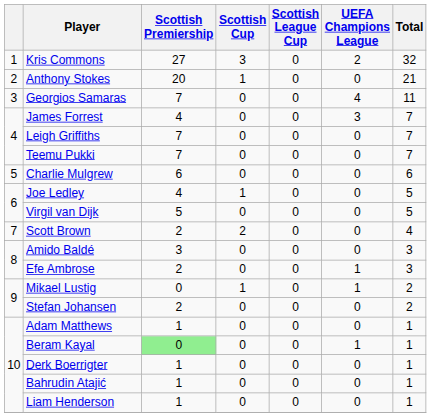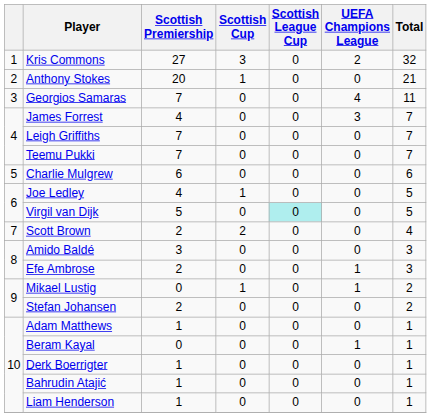 <table class="wikitable">
 <tr>
 <th></th>
 <th width="150">Player</th>
 <th><a href='#'>Scottish<br>Premiership</a><br></th>
 <th><a href='#'>Scottish<br>Cup</a></th>
 <th><a href='#'>Scottish<br>League<br>Cup</a></th>
 <th><a href='#'>UEFA<br>Champions<br>League</a></th>
 <th>Total</th>
 </tr>
 <tr>
 <td align=center rowspan=1>1</td>
 <td> <a href='#'>Kris Commons</a></td>
 <td align=center>27</td>
 <td align=center>3</td>
 <td align=center>0</td>
 <td align=center>2</td>
 <td align=center>32</td>
 </tr>
 <tr>
 <td align=center rowspan=1>2</td>
 <td> <a href='#'>Anthony Stokes</a></td>
 <td align=center>20</td>
 <td align=center>1</td>
 <td align=center>0</td>
 <td align=center>0</td>
 <td align=center>21</td>
 </tr>
 <tr>
 <td align=center rowspan=1>3</td>
 <td> <a href='#'>Georgios Samaras</a></td>
 <td align=center>7</td>
 <td align=center>0</td>
 <td align=center>0</td>
 <td align=center>4</td>
 <td align=center>11</td>
 </tr>
 <tr>
 <td align=center rowspan=3>4</td>
 <td> <a href='#'>James Forrest</a></td>
 <td align=center>4</td>
 <td align=center>0</td>
 <td align=center>0</td>
 <td align=center>3</td>
 <td align=center>7</td>
 </tr>
 <tr>
 <td> <a href='#'>Leigh Griffiths</a></td>
 <td align=center>7</td>
 <td align=center>0</td>
 <td align=center>0</td>
 <td align=center>0</td>
 <td align=center>7</td>
 </tr>
 <tr>
 <td> <a href='#'>Teemu Pukki</a></td>
 <td align=center>7</td>
 <td align=center>0</td>
 <td align=center>0</td>
 <td align=center>0</td>
 <td align=center>7</td>
 </tr>
 <tr>
 <td align=center rowspan=1>5</td>
 <td> <a href='#'>Charlie Mulgrew</a></td>
 <td align=center>6</td>
 <td align=center>0</td>
 <td align=center>0</td>
 <td align=center>0</td>
 <td align=center>6</td>
 </tr>
 <tr>
 <td align=center rowspan=2>6</td>
 <td> <a href='#'>Joe Ledley</a></td>
 <td align=center>4</td>
 <td align=center>1</td>
 <td align=center>0</td>
 <td align=center>0</td>
 <td align=center>5</td>
 </tr>
 <tr>
 <td> <a href='#'>Virgil van Dijk</a></td>
 <td align=center>5</td>
 <td align=center>0</td>
-<td align=center>0</td>
+<td align=center style="background: paleturquoise;">0</td>
 <td align=center>0</td>
 <td align=center>5</td>
 </tr>
 <tr>
 <td align=center rowspan=1>7</td>
 <td> <a href='#'>Scott Brown</a></td>
 <td align=center>2</td>
 <td align=center>2</td>
 <td align=center>0</td>
 <td align=center>0</td>
 <td align=center>4</td>
 </tr>
 <tr>
 <td align=center rowspan=2>8</td>
 <td> <a href='#'>Amido Baldé</a></td>
 <td align=center>3</td>
 <td align=center>0</td>
 <td align=center>0</td>
 <td align=center>0</td>
 <td align=center>3</td>
 </tr>
 <tr>
 <td> <a href='#'>Efe Ambrose</a></td>
 <td align=center>2</td>
 <td align=center>0</td>
 <td align=center>0</td>
 <td align=center>1</td>
 <td align=center>3</td>
 </tr>
 <tr>
 <td align=center rowspan=2>9</td>
 <td> <a href='#'>Mikael Lustig</a></td>
 <td align=center>0</td>
 <td align=center>1</td>
 <td align=center>0</td>
 <td align=center>1</td>
 <td align=center>2</td>
 </tr>
 <tr>
 <td> <a href='#'>Stefan Johansen</a></td>
 <td align=center>2</td>
 <td align=center>0</td>
 <td align=center>0</td>
 <td align=center>0</td>
 <td align=center>2</td>
 </tr>
 <tr>
 <td align=center rowspan=5>10</td>
 <td> <a href='#'>Adam Matthews</a></td>
 <td align=center>1</td>
 <td align=center>0</td>
 <td align=center>0</td>
 <td align=center>0</td>
 <td align=center>1</td>
 </tr>
 <tr>
 <td> <a href='#'>Beram Kayal</a></td>
-<td align=center style="background: lightgreen;">0</td>
+<td align=center>0</td>
 <td align=center>0</td>
 <td align=center>0</td>
 <td align=center>1</td>
 <td align=center>1</td>
 </tr>
 <tr>
 <td> <a href='#'>Derk Boerrigter</a></td>
 <td align=center>1</td>
 <td align=center>0</td>
 <td align=center>0</td>
 <td align=center>0</td>
 <td align=center>1</td>
 </tr>
 <tr>
 <td> <a href='#'>Bahrudin Atajić</a></td>
 <td align=center>1</td>
 <td align=center>0</td>
 <td align=center>0</td>
 <td align=center>0</td>
 <td align=center>1</td>
 </tr>
 <tr>
 <td> <a href='#'>Liam Henderson</a></td>
 <td align=center>1</td>
 <td align=center>0</td>
 <td align=center>0</td>
 <td align=center>0</td>
 <td align=center>1</td>
 </tr>
 <tr>
 </tr>
 </table>
